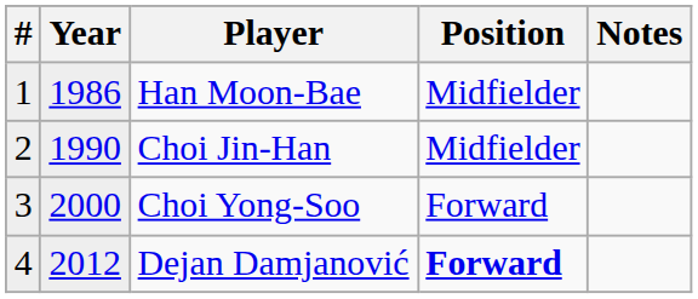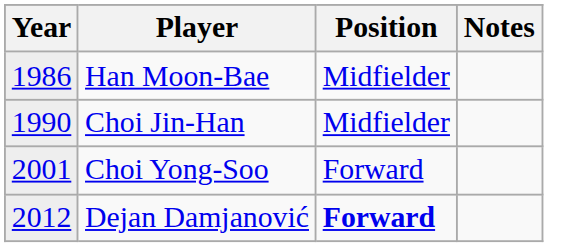 <table class="wikitable" style="text-left:center">
 <tr>
-<th>#</th>
 <th>Year</th>
 <th>Player</th>
 <th>Position</th>
 <th>Notes</th>
 </tr>
 <tr>
-<td style="background:#eeeeee">1</td>
 <td style="background:#eeeeee"><a href='#'>1986</a></td>
 <td> <a href='#'>Han Moon-Bae</a></td>
 <td><a href='#'>Midfielder</a></td>
 <td></td>
 </tr>
 <tr>
-<td style="background:#eeeeee">2</td>
 <td style="background:#eeeeee"><a href='#'>1990</a></td>
 <td> <a href='#'>Choi Jin-Han</a></td>
 <td><a href='#'>Midfielder</a></td>
 <td></td>
 </tr>
 <tr>
-<td style="background:#eeeeee">3</td>
-<td style="background:#eeeeee"><a href='#'>2000</a></td>
+<td style="background:#eeeeee"><a href='#'>2001</a></td>
 <td> <a href='#'>Choi Yong-Soo</a></td>
 <td><a href='#'>Forward</a></td>
 <td></td>
 </tr>
 <tr>
-<td style="background:#eeeeee">4</td>
 <td style="background:#eeeeee"><a href='#'>2012</a></td>
 <td> <a href='#'>Dejan Damjanović</a></td>
 <td><strong><a href='#'>Forward</a></strong></td>
 <td></td>
 </tr>
 </table>
